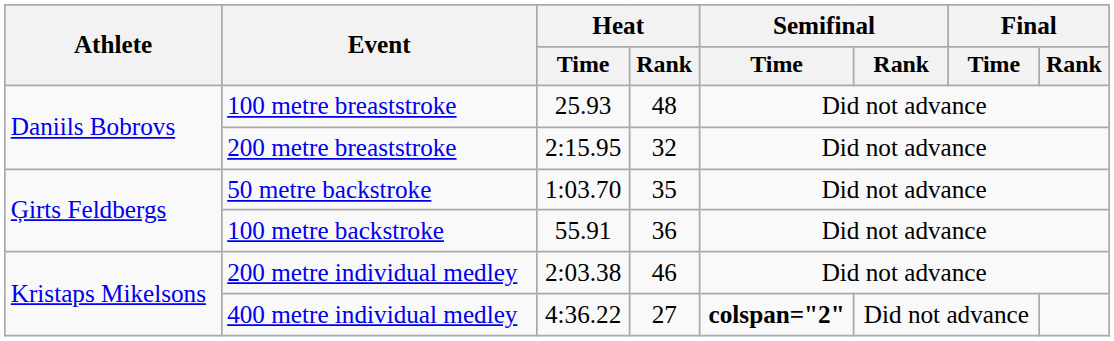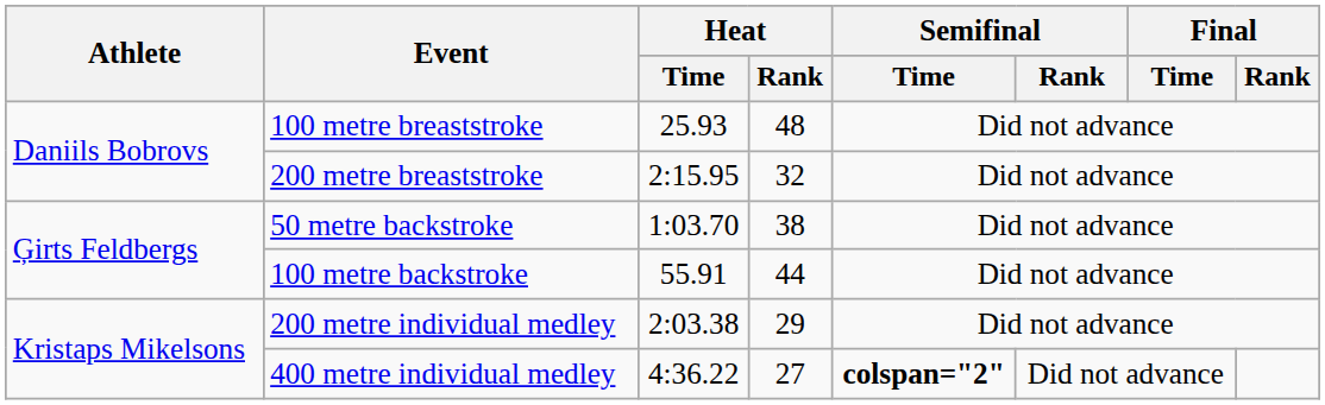 <table class="wikitable" style="text-align:center; font-size:90%; width:50%;">
 <tr>
 <th rowspan="2">Athlete</th>
 <th rowspan="2">Event</th>
 <th colspan="2">Heat</th>
 <th colspan="2">Semifinal</th>
 <th colspan="2">Final</th>
 </tr>
 <tr style="font-size:95%">
 <th>Time</th>
 <th>Rank</th>
 <th>Time</th>
 <th>Rank</th>
 <th>Time</th>
 <th>Rank</th>
 </tr>
 <tr>
 <td align=left rowspan=2><a href='#'>Daniils Bobrovs</a></td>
 <td align=left><a href='#'>100 metre breaststroke</a></td>
 <td>25.93</td>
 <td>48</td>
 <td colspan=4>Did not advance</td>
 </tr>
 <tr>
 <td align=left><a href='#'>200 metre breaststroke</a></td>
 <td>2:15.95</td>
 <td>32</td>
 <td colspan=4>Did not advance</td>
 </tr>
 <tr>
 <td align=left rowspan=2><a href='#'>Ģirts Feldbergs</a></td>
 <td align=left><a href='#'>50 metre backstroke</a></td>
 <td>1:03.70</td>
-<td>35</td>
+<td>38</td>
 <td colspan=4>Did not advance</td>
 </tr>
 <tr>
 <td align=left><a href='#'>100 metre backstroke</a></td>
 <td>55.91</td>
-<td>36</td>
+<td>44</td>
 <td colspan=4>Did not advance</td>
 </tr>
 <tr>
 <td align=left rowspan=2><a href='#'>Kristaps Mikelsons</a></td>
 <td align=left><a href='#'>200 metre individual medley</a></td>
 <td>2:03.38</td>
-<td>46</td>
+<td>29</td>
 <td colspan=4>Did not advance</td>
 </tr>
 <tr>
 <td align=left><a href='#'>400 metre individual medley</a></td>
 <td>4:36.22</td>
 <td>27</td>
 <td><strong>colspan="2" </strong></td>
 <td colspan="2">Did not advance</td>
 </tr>
 </table>
